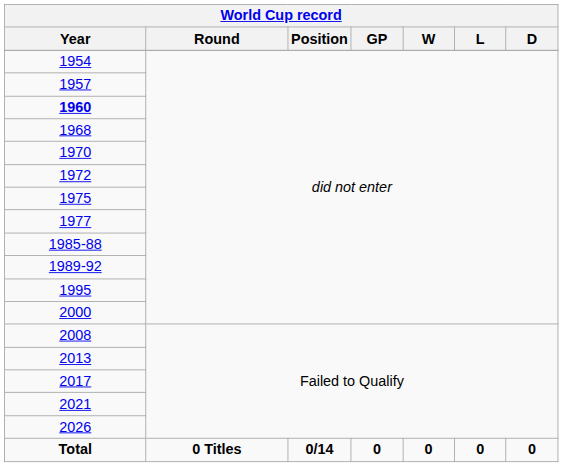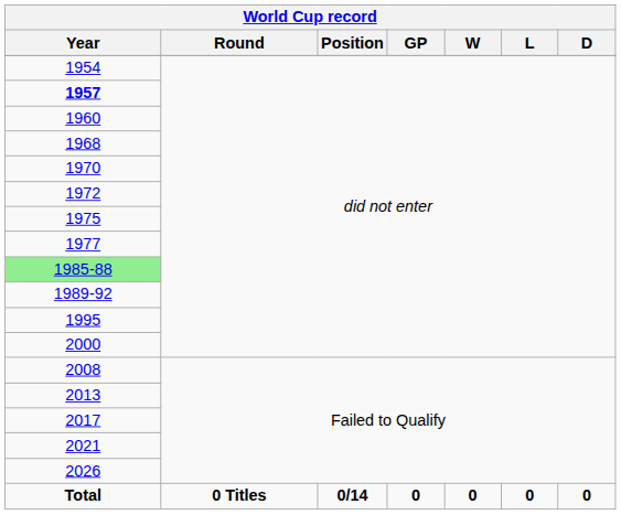 <table class="wikitable" style="text-align: center;">
 <tr>
 <th colspan=9><a href='#'>World Cup record</a></th>
 </tr>
 <tr>
 <th width=150>Year</th>
 <th width=150>Round</th>
 <th width=50>Position</th>
 <th width=50>GP</th>
 <th width=50>W</th>
 <th width=50>L</th>
 <th width=50>D</th>
 </tr>
 <tr>
 </tr>
 <tr>
 <td> <a href='#'>1954</a></td>
 <td rowspan=12 colspan=8><em>did not enter</em></td>
 </tr>
 <tr>
-<td> <a href='#'>1957</a></td>
+<td><strong> <a href='#'>1957</a></strong></td>
 </tr>
 <tr>
-<td><strong> <a href='#'>1960</a></strong></td>
+<td> <a href='#'>1960</a></td>
 </tr>
 <tr>
 <td>  <a href='#'>1968</a></td>
 </tr>
 <tr>
 <td> <a href='#'>1970</a></td>
 </tr>
 <tr>
 <td> <a href='#'>1972</a></td>
 </tr>
 <tr>
 <td>  <a href='#'>1975</a></td>
 </tr>
 <tr>
 <td>  <a href='#'>1977</a></td>
 </tr>
 <tr>
-<td><a href='#'>1985-88</a></td>
+<td style="background: lightgreen;"><a href='#'>1985-88</a></td>
 </tr>
 <tr>
 <td><a href='#'>1989-92</a></td>
 </tr>
 <tr>
 <td> <a href='#'>1995</a></td>
 </tr>
 <tr>
 <td> <a href='#'>2000</a></td>
 </tr>
 <tr>
 <td> <a href='#'>2008</a></td>
 <td rowspan=5 colspan=8>Failed to Qualify</td>
 </tr>
 <tr>
 <td> <a href='#'>2013</a></td>
 </tr>
 <tr>
 <td> <a href='#'>2017</a></td>
 </tr>
 <tr>
 <td> <a href='#'>2021</a></td>
 </tr>
 <tr>
 <td> <a href='#'>2026</a></td>
 </tr>
 <tr>
 <td><strong>Total</strong></td>
 <td><strong>0 Titles</strong></td>
 <td><strong>0/14</strong></td>
 <td><strong>0</strong></td>
 <td><strong>0</strong></td>
 <td><strong>0</strong></td>
 <td><strong>0</strong></td>
 </tr>
 </table>
